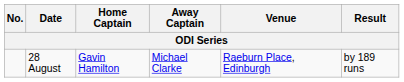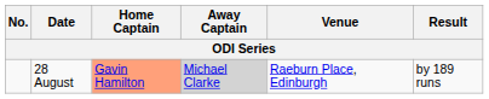 <table class="wikitable">
 <tr>
 <th>No.</th>
 <th>Date</th>
 <th>Home Captain</th>
 <th>Away Captain</th>
 <th>Venue</th>
 <th>Result</th>
 </tr>
 <tr>
 <th colspan="9">ODI Series</th>
 </tr>
 <tr>
 <td></td>
 <td>28 August</td>
-<td><a href='#'>Gavin Hamilton</a></td>
-<td><a href='#'>Michael Clarke</a></td>
+<td style="background: lightsalmon;"><a href='#'>Gavin Hamilton</a></td>
+<td style="background: lightgrey;"><a href='#'>Michael Clarke</a></td>
 <td><a href='#'>Raeburn Place</a>, <a href='#'>Edinburgh</a></td>
 <td> by 189 runs</td>
 </tr>
 </table>
